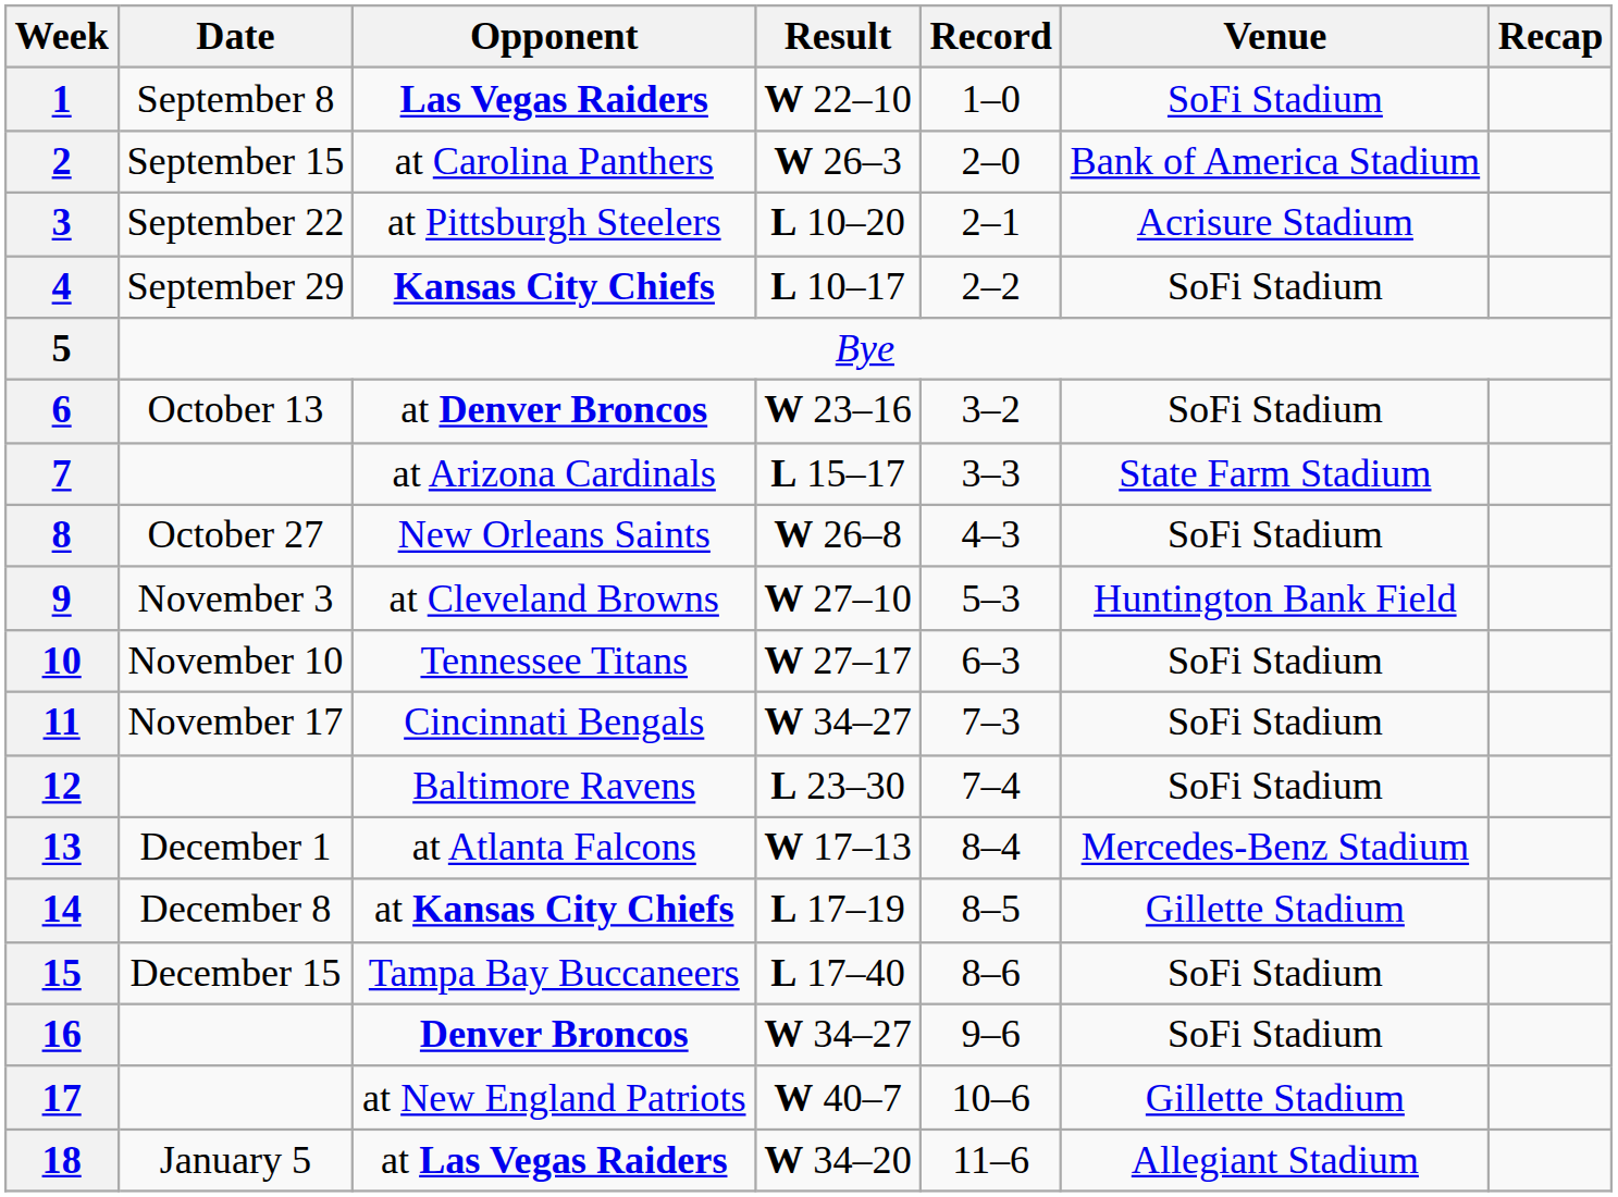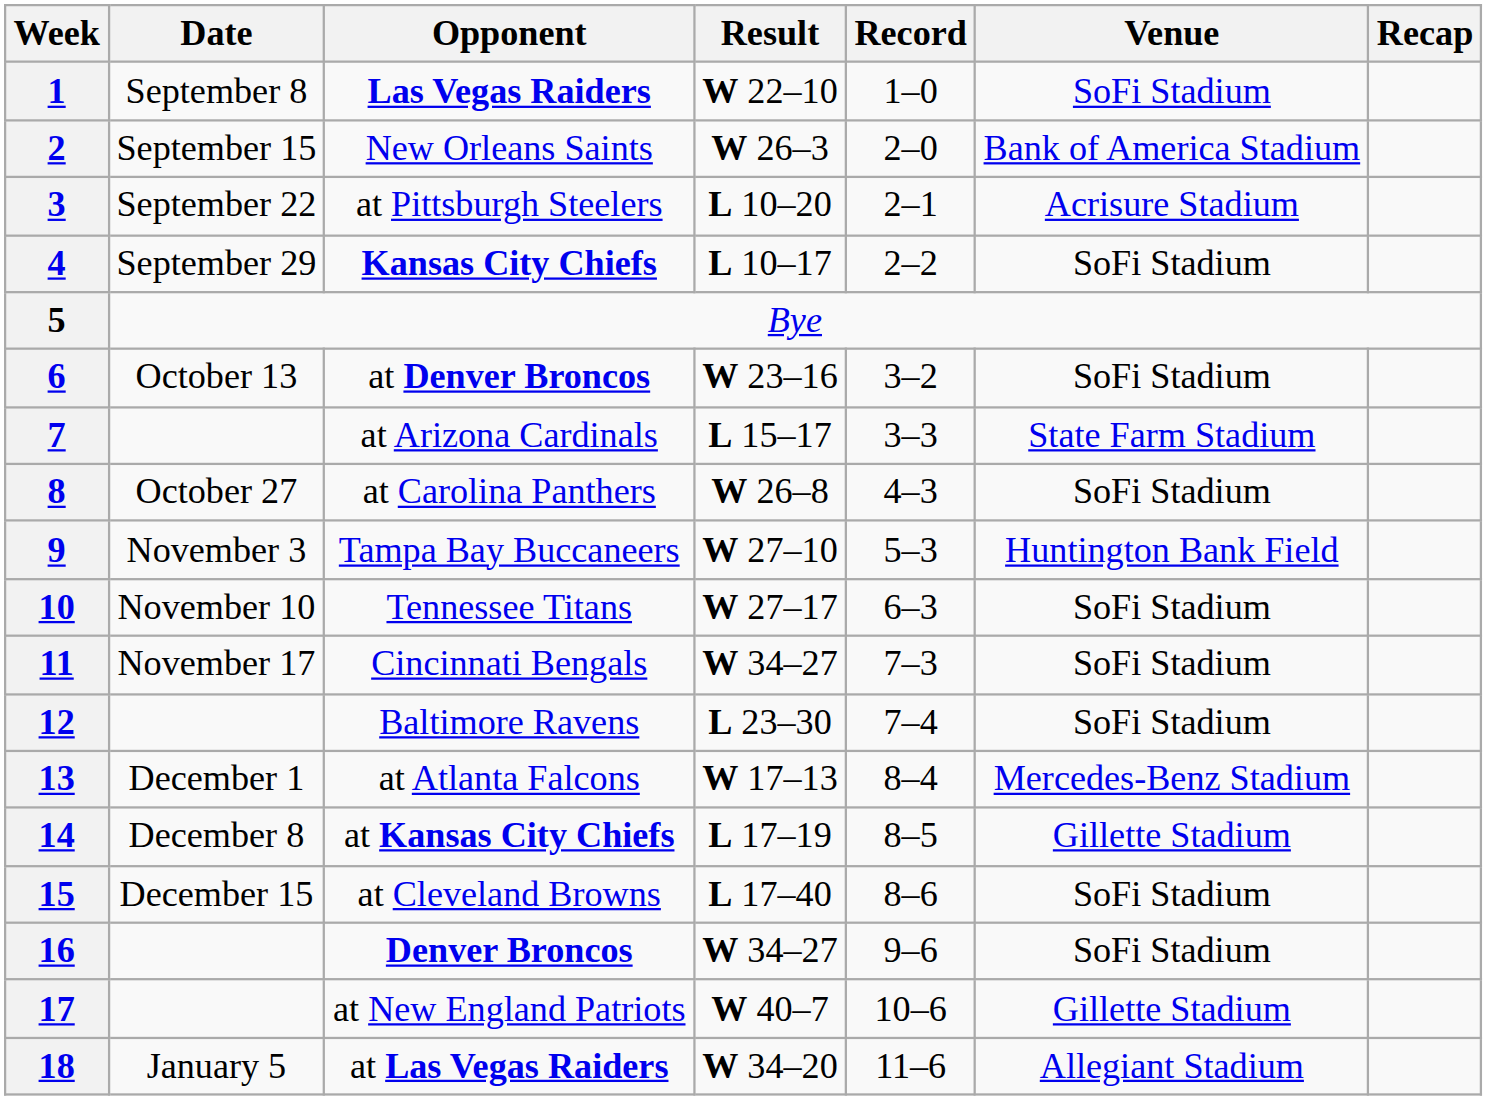 <table class="wikitable" style="text-align:center">
 <tr>
 <th>Week</th>
 <th>Date</th>
 <th>Opponent</th>
 <th>Result</th>
 <th>Record</th>
 <th>Venue</th>
 <th>Recap</th>
 </tr>
 <tr>
 <th><a href='#'>1</a></th>
 <td>September 8</td>
 <td><strong><a href='#'>Las Vegas Raiders</a></strong></td>
 <td><strong>W</strong> 22–10</td>
 <td>1–0</td>
 <td><a href='#'>SoFi Stadium</a></td>
 <td></td>
 </tr>
 <tr>
 <th><a href='#'>2</a></th>
 <td>September 15</td>
-<td>at <a href='#'>Carolina Panthers</a></td>
+<td><a href='#'>New Orleans Saints</a></td>
 <td><strong>W</strong> 26–3</td>
 <td>2–0</td>
 <td><a href='#'>Bank of America Stadium</a></td>
 <td></td>
 </tr>
 <tr>
 <th><a href='#'>3</a></th>
 <td>September 22</td>
 <td>at <a href='#'>Pittsburgh Steelers</a></td>
 <td><strong>L</strong> 10–20</td>
 <td>2–1</td>
 <td><a href='#'>Acrisure Stadium</a></td>
 <td></td>
 </tr>
 <tr>
 <th><a href='#'>4</a></th>
 <td>September 29</td>
 <td><strong><a href='#'>Kansas City Chiefs</a></strong></td>
 <td><strong>L</strong> 10–17</td>
 <td>2–2</td>
 <td>SoFi Stadium</td>
 <td></td>
 </tr>
 <tr>
 <th>5</th>
 <td colspan="6"><em><a href='#'>Bye</a></em></td>
 </tr>
 <tr>
 <th><a href='#'>6</a></th>
 <td>October 13</td>
 <td>at <strong><a href='#'>Denver Broncos</a></strong></td>
 <td><strong>W</strong> 23–16</td>
 <td>3–2</td>
 <td>SoFi Stadium</td>
 <td></td>
 </tr>
 <tr>
 <th><a href='#'>7</a></th>
 <td></td>
 <td>at <a href='#'>Arizona Cardinals</a></td>
 <td><strong>L</strong> 15–17</td>
 <td>3–3</td>
 <td><a href='#'>State Farm Stadium</a></td>
 <td></td>
 </tr>
 <tr>
 <th><a href='#'>8</a></th>
 <td>October 27</td>
-<td><a href='#'>New Orleans Saints</a></td>
+<td>at <a href='#'>Carolina Panthers</a></td>
 <td><strong>W</strong> 26–8</td>
 <td>4–3</td>
 <td>SoFi Stadium</td>
 <td></td>
 </tr>
 <tr>
 <th><a href='#'>9</a></th>
 <td>November 3</td>
-<td>at <a href='#'>Cleveland Browns</a></td>
+<td><a href='#'>Tampa Bay Buccaneers</a></td>
 <td><strong>W</strong> 27–10</td>
 <td>5–3</td>
 <td><a href='#'>Huntington Bank Field</a></td>
 <td></td>
 </tr>
 <tr>
 <th><a href='#'>10</a></th>
 <td>November 10</td>
 <td><a href='#'>Tennessee Titans</a></td>
 <td><strong>W</strong> 27–17</td>
 <td>6–3</td>
 <td>SoFi Stadium</td>
 <td></td>
 </tr>
 <tr>
 <th><a href='#'>11</a></th>
 <td>November 17</td>
 <td><a href='#'>Cincinnati Bengals</a></td>
 <td><strong>W</strong> 34–27</td>
 <td>7–3</td>
 <td>SoFi Stadium</td>
 <td></td>
 </tr>
 <tr>
 <th><a href='#'>12</a></th>
 <td></td>
 <td><a href='#'>Baltimore Ravens</a></td>
 <td><strong>L</strong> 23–30</td>
 <td>7–4</td>
 <td>SoFi Stadium</td>
 <td></td>
 </tr>
 <tr>
 <th><a href='#'>13</a></th>
 <td>December 1</td>
 <td>at <a href='#'>Atlanta Falcons</a></td>
 <td><strong>W</strong> 17–13</td>
 <td>8–4</td>
 <td><a href='#'>Mercedes-Benz Stadium</a></td>
 <td></td>
 </tr>
 <tr>
 <th><a href='#'>14</a></th>
 <td>December 8</td>
 <td>at <strong><a href='#'>Kansas City Chiefs</a></strong></td>
 <td><strong>L</strong> 17–19</td>
 <td>8–5</td>
 <td><a href='#'>Gillette Stadium</a></td>
 <td></td>
 </tr>
 <tr>
 <th><a href='#'>15</a></th>
 <td>December 15</td>
-<td><a href='#'>Tampa Bay Buccaneers</a></td>
+<td>at <a href='#'>Cleveland Browns</a></td>
 <td><strong>L</strong> 17–40</td>
 <td>8–6</td>
 <td>SoFi Stadium</td>
 <td></td>
 </tr>
 <tr>
 <th><a href='#'>16</a></th>
 <td></td>
 <td><strong><a href='#'>Denver Broncos</a></strong></td>
 <td><strong>W</strong> 34–27</td>
 <td>9–6</td>
 <td>SoFi Stadium</td>
 <td></td>
 </tr>
 <tr>
 <th><a href='#'>17</a></th>
 <td></td>
 <td>at <a href='#'>New England Patriots</a></td>
 <td><strong>W</strong> 40–7</td>
 <td>10–6</td>
 <td><a href='#'>Gillette Stadium</a></td>
 <td></td>
 </tr>
 <tr>
 <th><a href='#'>18</a></th>
 <td>January 5</td>
 <td>at <strong><a href='#'>Las Vegas Raiders</a></strong></td>
 <td><strong>W</strong> 34–20</td>
 <td>11–6</td>
 <td><a href='#'>Allegiant Stadium</a></td>
 <td></td>
 </tr>
 </table>
